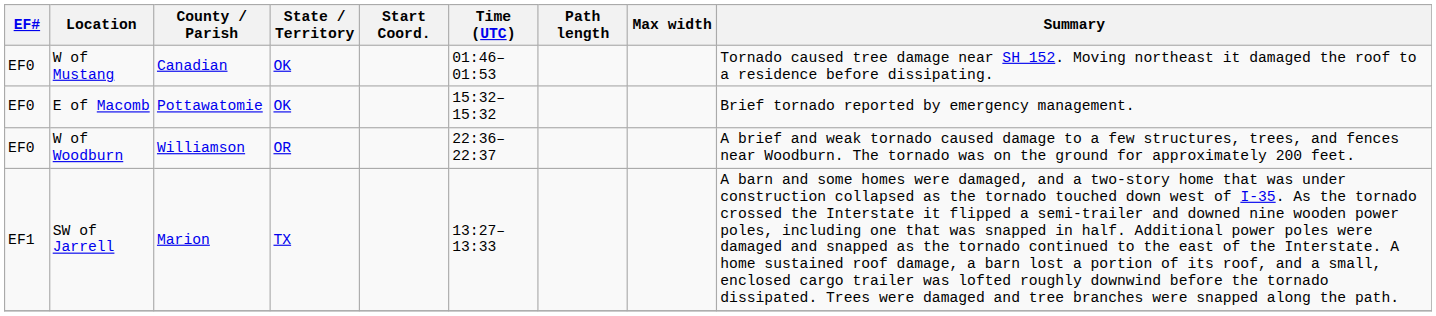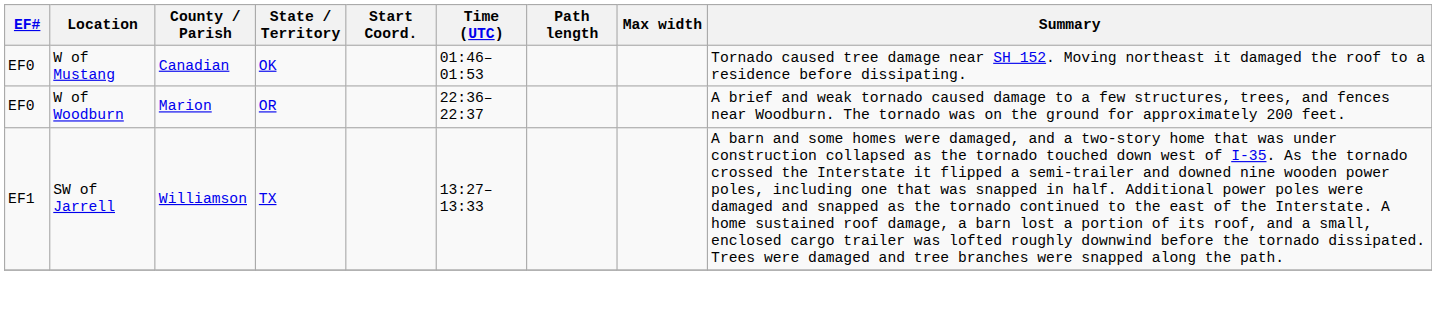 <table class="wikitable sortable" style="width:100%;">
 <tr>
 <th scope="col"  style="width:3%; text-align:center;"><a href='#'>EF#</a></th>
 <th scope="col"  style="width:7%; text-align:center;" class="unsortable">Location</th>
 <th scope="col"  style="width:6%; text-align:center;" class="unsortable">County / Parish</th>
 <th scope="col"  style="width:5%; text-align:center;">State / Territory</th>
 <th scope="col"  style="width:6%; text-align:center;">Start Coord.</th>
 <th scope="col"  style="width:6%; text-align:center;">Time (<a href='#'>UTC</a>)</th>
 <th scope="col"  style="width:6%; text-align:center;">Path length</th>
 <th scope="col"  style="width:6%; text-align:center;">Max width</th>
 <th scope="col" class="unsortable" style="width:48%; text-align:center;">Summary</th>
 </tr>
 <tr>
 <td>EF0</td>
 <td>W of <a href='#'>Mustang</a></td>
 <td><a href='#'>Canadian</a></td>
 <td><a href='#'>OK</a></td>
 <td></td>
 <td>01:46–01:53</td>
 <td></td>
 <td></td>
 <td>Tornado caused tree damage near <a href='#'>SH 152</a>. Moving northeast it damaged the roof to a residence before dissipating.</td>
 </tr>
 <tr>
 <td>EF0</td>
-<td>E of <a href='#'>Macomb</a></td>
-<td><a href='#'>Pottawatomie</a></td>
-<td><a href='#'>OK</a></td>
-<td></td>
-<td>15:32–15:32</td>
-<td></td>
-<td></td>
-<td>Brief tornado reported by emergency management.</td>
-</tr>
-<tr>
-<td>EF0</td>
 <td>W of <a href='#'>Woodburn</a></td>
-<td><a href='#'>Williamson</a></td>
+<td><a href='#'>Marion</a></td>
 <td><a href='#'>OR</a></td>
 <td></td>
 <td>22:36–22:37</td>
 <td></td>
 <td></td>
 <td>A brief and weak tornado caused damage to a few structures, trees, and fences near Woodburn. The tornado was on the ground for approximately 200 feet.</td>
 </tr>
 <tr>
 <td>EF1</td>
 <td>SW of <a href='#'>Jarrell</a></td>
-<td><a href='#'>Marion</a></td>
+<td><a href='#'>Williamson</a></td>
 <td><a href='#'>TX</a></td>
 <td></td>
 <td>13:27–13:33</td>
 <td></td>
 <td></td>
 <td>A barn and some homes were damaged, and a two-story home that was under construction collapsed as the tornado touched down west of <a href='#'>I-35</a>. As the tornado crossed the Interstate it flipped a semi-trailer and downed nine wooden power poles, including one that was snapped in half. Additional power poles were damaged and snapped as the tornado continued to the east of the Interstate. A home sustained roof damage, a barn lost a portion of its roof, and a small, enclosed cargo trailer was lofted roughly  downwind before the tornado dissipated. Trees were damaged and tree branches were snapped along the path.</td>
 </tr>
 <tr>
 </tr>
 </table>
